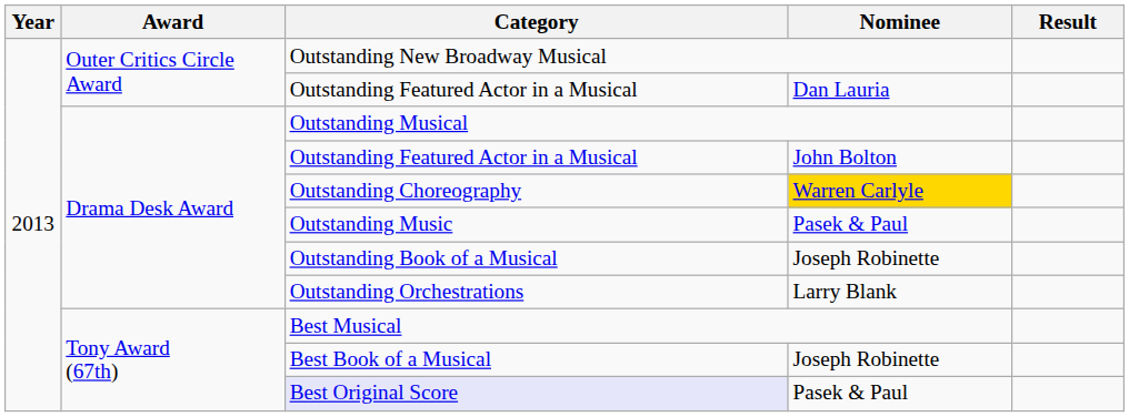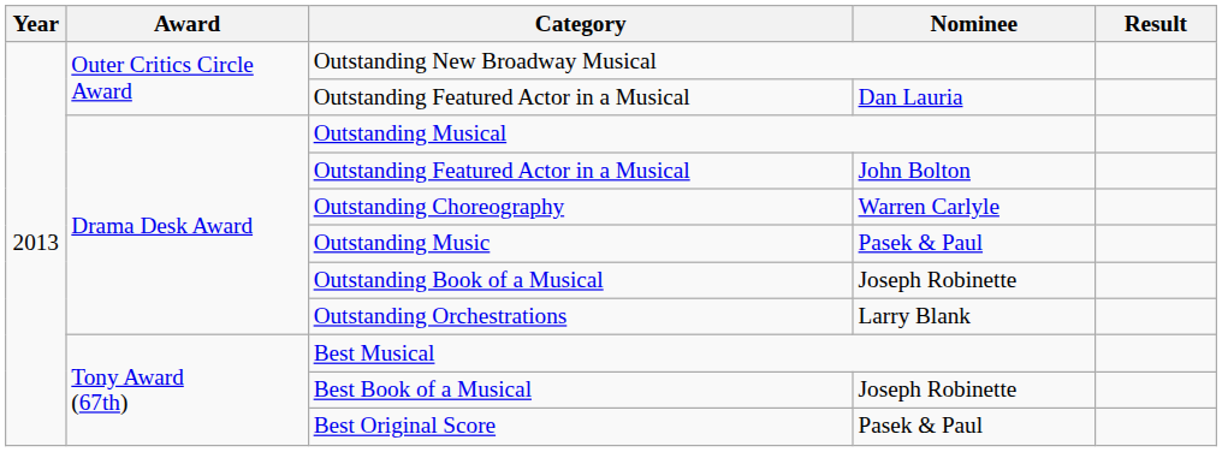 <table class="wikitable" width="95%">
 <tr>
 <th width="5%">Year</th>
 <th width="20%">Award</th>
 <th width="45%">Category</th>
 <th width="20%">Nominee</th>
 <th width="10%">Result</th>
 </tr>
 <tr>
 <td rowspan="11" align="center">2013</td>
 <td rowspan="2"><a href='#'>Outer Critics Circle Award</a></td>
 <td colspan="2">Outstanding New Broadway Musical</td>
 <td></td>
 </tr>
 <tr>
 <td>Outstanding Featured Actor in a Musical</td>
 <td><a href='#'>Dan Lauria</a></td>
 <td></td>
 </tr>
 <tr>
 <td rowspan="6"><a href='#'>Drama Desk Award</a></td>
 <td colspan="2"><a href='#'>Outstanding Musical</a></td>
 <td></td>
 </tr>
 <tr>
 <td><a href='#'>Outstanding Featured Actor in a Musical</a></td>
 <td><a href='#'>John Bolton</a></td>
 <td></td>
 </tr>
 <tr>
 <td><a href='#'>Outstanding Choreography</a></td>
-<td style="background: gold;"><a href='#'>Warren Carlyle</a></td>
+<td><a href='#'>Warren Carlyle</a></td>
 <td></td>
 </tr>
 <tr>
 <td><a href='#'>Outstanding Music</a></td>
 <td><a href='#'>Pasek & Paul</a></td>
 <td></td>
 </tr>
 <tr>
 <td><a href='#'>Outstanding Book of a Musical</a></td>
 <td>Joseph Robinette</td>
 <td></td>
 </tr>
 <tr>
 <td><a href='#'>Outstanding Orchestrations</a></td>
 <td>Larry Blank</td>
 <td></td>
 </tr>
 <tr>
 <td rowspan="3"><a href='#'>Tony Award</a><br>(<a href='#'>67th</a>)</td>
 <td colspan="2"><a href='#'>Best Musical</a></td>
 <td></td>
 </tr>
 <tr>
 <td><a href='#'>Best Book of a Musical</a></td>
 <td>Joseph Robinette</td>
 <td></td>
 </tr>
 <tr>
-<td style="background: lavender;"><a href='#'>Best Original Score</a></td>
+<td><a href='#'>Best Original Score</a></td>
 <td>Pasek & Paul</td>
 <td></td>
 </tr>
 </table>
